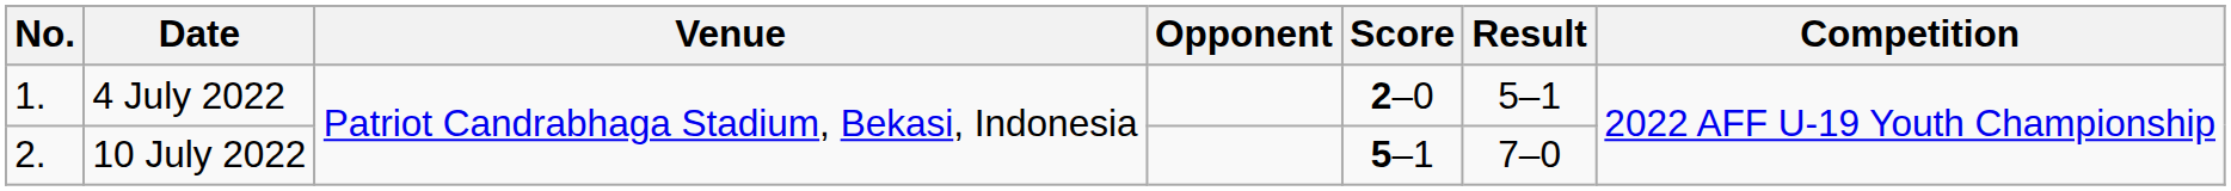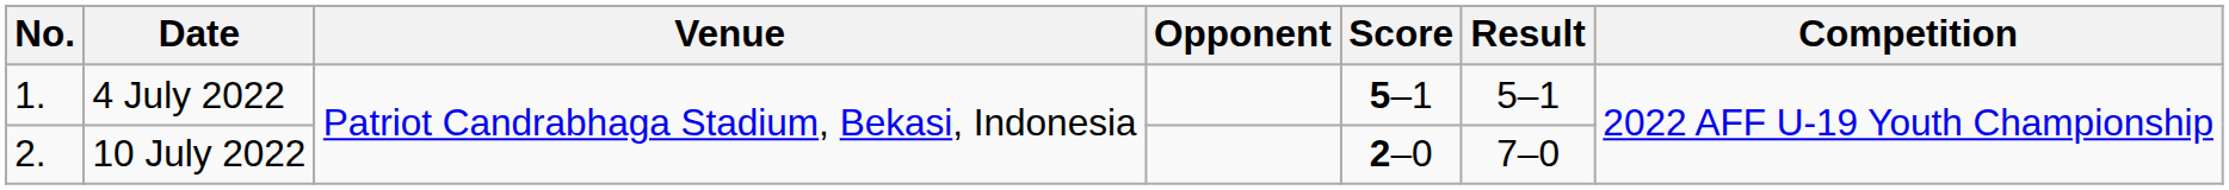 <table class="wikitable">
 <tr>
 <th>No.</th>
 <th>Date</th>
 <th>Venue</th>
 <th>Opponent</th>
 <th>Score</th>
 <th>Result</th>
 <th>Competition</th>
 </tr>
 <tr>
 <td>1.</td>
 <td>4 July 2022</td>
 <td rowspan=2><a href='#'>Patriot Candrabhaga Stadium</a>, <a href='#'>Bekasi</a>, Indonesia</td>
 <td></td>
-<td align=center><strong>2</strong>–0</td>
+<td align=center><strong>5</strong>–1</td>
 <td align=center>5–1</td>
 <td rowspan="2"><a href='#'>2022 AFF U-19 Youth Championship</a></td>
 </tr>
 <tr>
 <td>2.</td>
 <td>10 July 2022</td>
 <td></td>
-<td align=center><strong>5</strong>–1</td>
+<td align=center><strong>2</strong>–0</td>
 <td align=center>7–0</td>
 </tr>
 </table>
